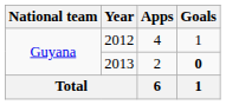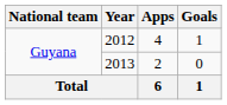 <table class=wikitable style="text-align: center">
 <tr>
 <th>National team</th>
 <th>Year</th>
 <th>Apps</th>
 <th>Goals</th>
 </tr>
 <tr>
 <td rowspan=2><a href='#'>Guyana</a></td>
 <td>2012</td>
 <td>4</td>
 <td>1</td>
 </tr>
 <tr>
 <td>2013</td>
 <td>2</td>
-<td><strong>0</strong></td>
+<td>0</td>
 </tr>
 <tr>
 <th colspan=2>Total</th>
 <th>6</th>
 <th>1</th>
 </tr>
 </table>
